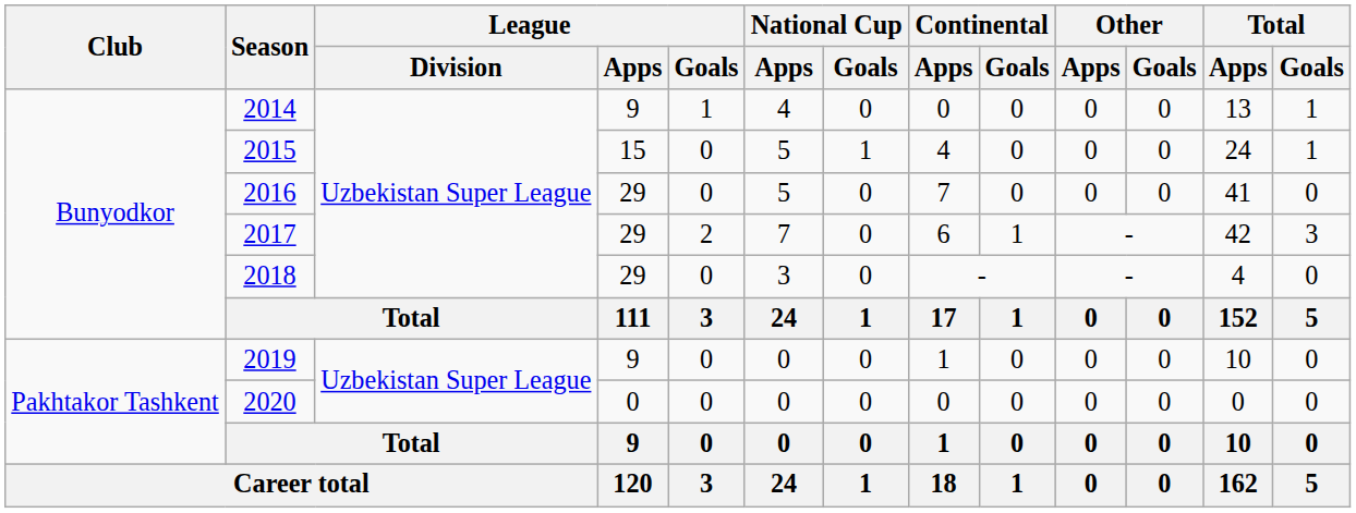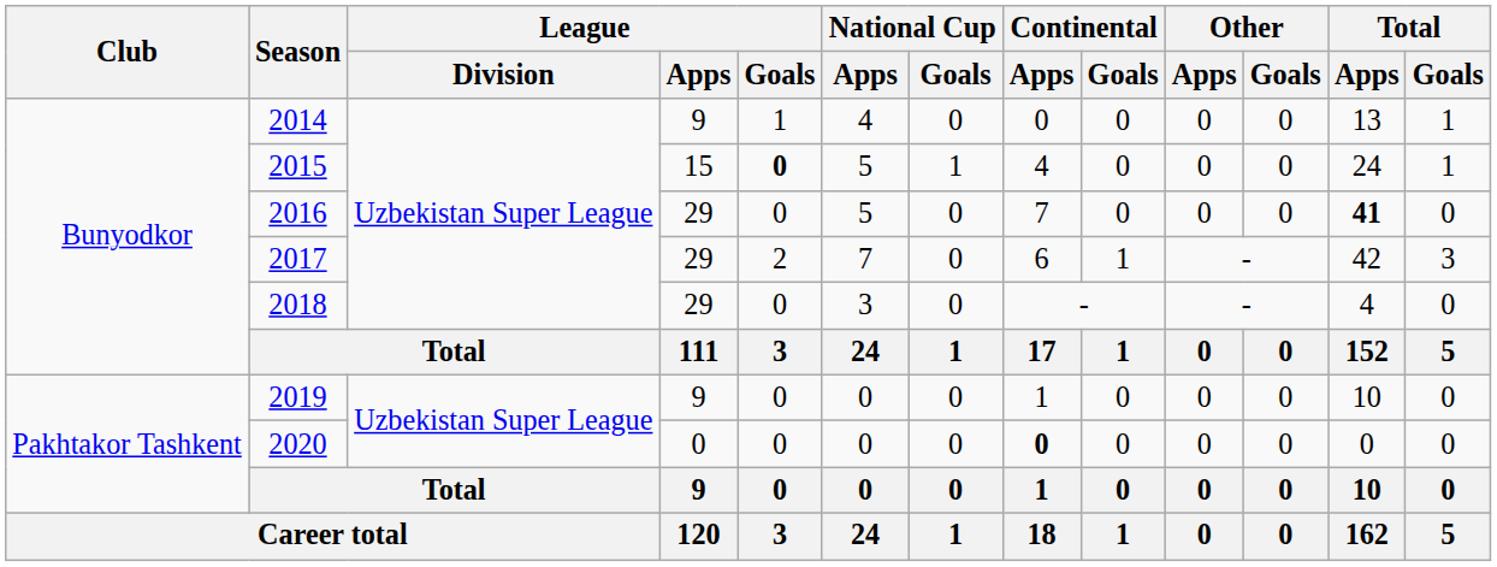 <table class="wikitable" style="text-align: center;">
 <tr>
 <th rowspan="2">Club</th>
 <th rowspan="2">Season</th>
 <th colspan="3">League</th>
 <th colspan="2">National Cup</th>
 <th colspan="2">Continental</th>
 <th colspan="2">Other</th>
 <th colspan="2">Total</th>
 </tr>
 <tr>
 <th>Division</th>
 <th>Apps</th>
 <th>Goals</th>
 <th>Apps</th>
 <th>Goals</th>
 <th>Apps</th>
 <th>Goals</th>
 <th>Apps</th>
 <th>Goals</th>
 <th>Apps</th>
 <th>Goals</th>
 </tr>
 <tr>
 <td rowspan="6" valign="center"><a href='#'>Bunyodkor</a></td>
 <td><a href='#'>2014</a></td>
 <td rowspan="5" valign="center"><a href='#'>Uzbekistan Super League</a></td>
 <td>9</td>
 <td>1</td>
 <td>4</td>
 <td>0</td>
 <td>0</td>
 <td>0</td>
 <td>0</td>
 <td>0</td>
 <td>13</td>
 <td>1</td>
 </tr>
 <tr>
 <td><a href='#'>2015</a></td>
 <td>15</td>
-<td>0</td>
+<td><strong>0</strong></td>
 <td>5</td>
 <td>1</td>
 <td>4</td>
 <td>0</td>
 <td>0</td>
 <td>0</td>
 <td>24</td>
 <td>1</td>
 </tr>
 <tr>
 <td><a href='#'>2016</a></td>
 <td>29</td>
 <td>0</td>
 <td>5</td>
 <td>0</td>
 <td>7</td>
 <td>0</td>
 <td>0</td>
 <td>0</td>
-<td>41</td>
+<td><strong>41</strong></td>
 <td>0</td>
 </tr>
 <tr>
 <td><a href='#'>2017</a></td>
 <td>29</td>
 <td>2</td>
 <td>7</td>
 <td>0</td>
 <td>6</td>
 <td>1</td>
 <td colspan="2">-</td>
 <td>42</td>
 <td>3</td>
 </tr>
 <tr>
 <td><a href='#'>2018</a></td>
 <td>29</td>
 <td>0</td>
 <td>3</td>
 <td>0</td>
 <td colspan="2">-</td>
 <td colspan="2">-</td>
 <td>4</td>
 <td>0</td>
 </tr>
 <tr>
 <th colspan="2">Total</th>
 <th>111</th>
 <th>3</th>
 <th>24</th>
 <th>1</th>
 <th>17</th>
 <th>1</th>
 <th>0</th>
 <th>0</th>
 <th>152</th>
 <th>5</th>
 </tr>
 <tr>
 <td rowspan="3" valign="center"><a href='#'>Pakhtakor Tashkent</a></td>
 <td><a href='#'>2019</a></td>
 <td rowspan="2" valign="center"><a href='#'>Uzbekistan Super League</a></td>
 <td>9</td>
 <td>0</td>
 <td>0</td>
 <td>0</td>
 <td>1</td>
 <td>0</td>
 <td>0</td>
 <td>0</td>
 <td>10</td>
 <td>0</td>
 </tr>
 <tr>
 <td><a href='#'>2020</a></td>
 <td>0</td>
 <td>0</td>
 <td>0</td>
 <td>0</td>
-<td>0</td>
+<td><strong>0</strong></td>
 <td>0</td>
 <td>0</td>
 <td>0</td>
 <td>0</td>
 <td>0</td>
 </tr>
 <tr>
 <th colspan="2">Total</th>
 <th>9</th>
 <th>0</th>
 <th>0</th>
 <th>0</th>
 <th>1</th>
 <th>0</th>
 <th>0</th>
 <th>0</th>
 <th>10</th>
 <th>0</th>
 </tr>
 <tr>
 <th colspan="3">Career total</th>
 <th>120</th>
 <th>3</th>
 <th>24</th>
 <th>1</th>
 <th>18</th>
 <th>1</th>
 <th>0</th>
 <th>0</th>
 <th>162</th>
 <th>5</th>
 </tr>
 </table>
